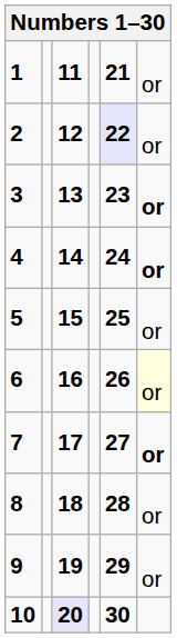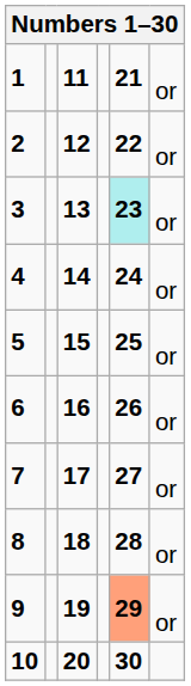 <table class="wikitable">
 <tr>
 <th colspan="6">Numbers 1–30</th>
 </tr>
 <tr>
 <td><strong>1</strong></td>
 <td></td>
 <td><strong>11</strong></td>
 <td></td>
 <td><strong>21</strong></td>
 <td><br>or<br></td>
 </tr>
 <tr>
 <td><strong>2</strong></td>
 <td></td>
 <td><strong>12</strong></td>
 <td></td>
-<td style="background: lavender;"><strong>22</strong></td>
+<td><strong>22</strong></td>
 <td><br>or<br></td>
 </tr>
 <tr>
 <td><strong>3</strong></td>
 <td></td>
 <td><strong>13</strong></td>
 <td></td>
-<td><strong>23</strong></td>
-<td><strong><br>or<br></strong></td>
+<td style="background: paleturquoise;"><strong>23</strong></td>
+<td><br>or<br></td>
 </tr>
 <tr>
 <td><strong>4</strong></td>
 <td></td>
 <td><strong>14</strong></td>
 <td></td>
 <td><strong>24</strong></td>
-<td><strong><br>or<br></strong></td>
+<td><br>or<br></td>
 </tr>
 <tr>
 <td><strong>5</strong></td>
 <td></td>
 <td><strong>15</strong></td>
 <td></td>
 <td><strong>25</strong></td>
 <td><br>or<br></td>
 </tr>
 <tr>
 <td><strong>6</strong></td>
 <td></td>
 <td><strong>16</strong></td>
 <td></td>
 <td><strong>26</strong></td>
-<td style="background: lightyellow;"><br>or<br></td>
+<td><br>or<br></td>
 </tr>
 <tr>
 <td><strong>7</strong></td>
 <td></td>
 <td><strong>17</strong></td>
 <td></td>
 <td><strong>27</strong></td>
-<td><strong><br>or<br></strong></td>
+<td><br>or<br></td>
 </tr>
 <tr>
 <td><strong>8</strong></td>
 <td></td>
 <td><strong>18</strong></td>
 <td></td>
 <td><strong>28</strong></td>
 <td><br>or<br></td>
 </tr>
 <tr>
 <td><strong>9</strong></td>
 <td></td>
 <td><strong>19</strong></td>
 <td></td>
-<td><strong>29</strong></td>
+<td style="background: lightsalmon;"><strong>29</strong></td>
 <td><br>or<br></td>
 </tr>
 <tr>
 <td><strong>10</strong></td>
 <td></td>
-<td style="background: lavender;"><strong>20</strong></td>
+<td><strong>20</strong></td>
 <td></td>
 <td><strong>30</strong></td>
 <td></td>
 </tr>
 </table>
